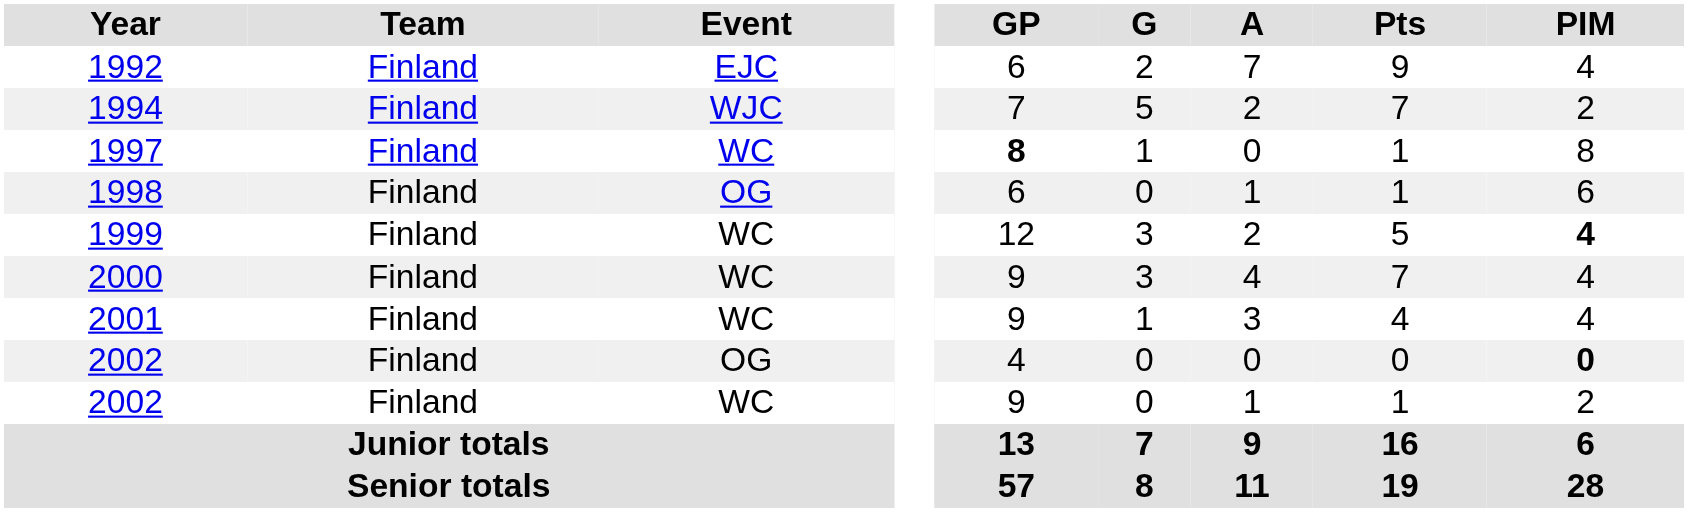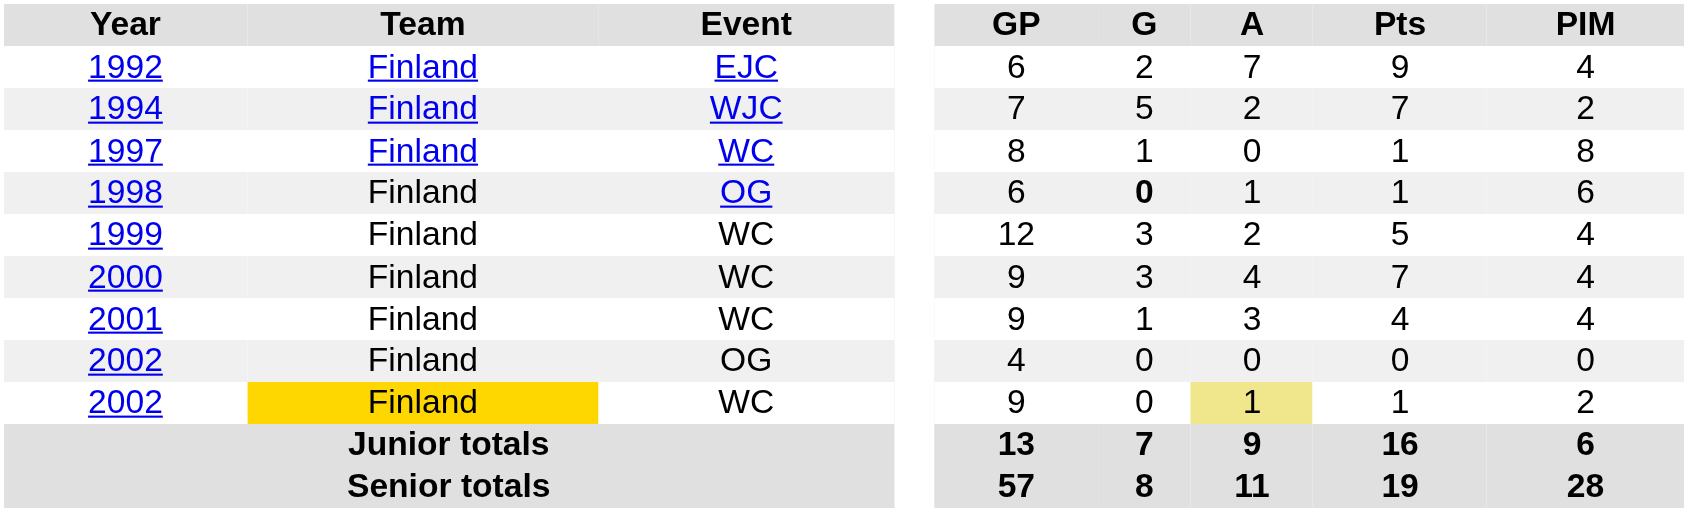 <table border="0" cellpadding="1" cellspacing="0" style="text-align:center; width:50em">
 <tr ALIGN="center" bgcolor="#e0e0e0">
 <th>Year</th>
 <th>Team</th>
 <th>Event</th>
 <th rowspan="99" bgcolor="#ffffff"> </th>
 <th>GP</th>
 <th>G</th>
 <th>A</th>
 <th>Pts</th>
 <th>PIM</th>
 </tr>
 <tr>
 <td><a href='#'>1992</a></td>
 <td><a href='#'>Finland</a></td>
 <td><a href='#'>EJC</a></td>
 <td>6</td>
 <td>2</td>
 <td>7</td>
 <td>9</td>
 <td>4</td>
 </tr>
 <tr bgcolor="#f0f0f0">
 <td><a href='#'>1994</a></td>
 <td><a href='#'>Finland</a></td>
 <td><a href='#'>WJC</a></td>
 <td>7</td>
 <td>5</td>
 <td>2</td>
 <td>7</td>
 <td>2</td>
 </tr>
 <tr>
 <td><a href='#'>1997</a></td>
 <td><a href='#'>Finland</a></td>
 <td><a href='#'>WC</a></td>
-<td><strong>8</strong></td>
+<td>8</td>
 <td>1</td>
 <td>0</td>
 <td>1</td>
 <td>8</td>
 </tr>
 <tr bgcolor="#f0f0f0">
 <td><a href='#'>1998</a></td>
 <td>Finland</td>
 <td><a href='#'>OG</a></td>
 <td>6</td>
-<td>0</td>
+<td><strong>0</strong></td>
 <td>1</td>
 <td>1</td>
 <td>6</td>
 </tr>
 <tr>
 <td><a href='#'>1999</a></td>
 <td>Finland</td>
 <td>WC</td>
 <td>12</td>
 <td>3</td>
 <td>2</td>
 <td>5</td>
-<td><strong>4</strong></td>
+<td>4</td>
 </tr>
 <tr bgcolor="#f0f0f0">
 <td><a href='#'>2000</a></td>
 <td>Finland</td>
 <td>WC</td>
 <td>9</td>
 <td>3</td>
 <td>4</td>
 <td>7</td>
 <td>4</td>
 </tr>
 <tr>
 <td><a href='#'>2001</a></td>
 <td>Finland</td>
 <td>WC</td>
 <td>9</td>
 <td>1</td>
 <td>3</td>
 <td>4</td>
 <td>4</td>
 </tr>
 <tr bgcolor="#f0f0f0">
 <td><a href='#'>2002</a></td>
 <td>Finland</td>
 <td>OG</td>
 <td>4</td>
 <td>0</td>
 <td>0</td>
 <td>0</td>
-<td><strong>0</strong></td>
+<td>0</td>
 </tr>
 <tr>
 <td><a href='#'>2002</a></td>
-<td>Finland</td>
+<td style="background: gold;">Finland</td>
 <td>WC</td>
 <td>9</td>
 <td>0</td>
-<td>1</td>
+<td style="background: khaki;">1</td>
 <td>1</td>
 <td>2</td>
 </tr>
 <tr bgcolor="#e0e0e0">
 <th colspan=3>Junior totals</th>
 <th>13</th>
 <th>7</th>
 <th>9</th>
 <th>16</th>
 <th>6</th>
 </tr>
 <tr bgcolor="#e0e0e0">
 <th colspan=3>Senior totals</th>
 <th>57</th>
 <th>8</th>
 <th>11</th>
 <th>19</th>
 <th>28</th>
 </tr>
 </table>
